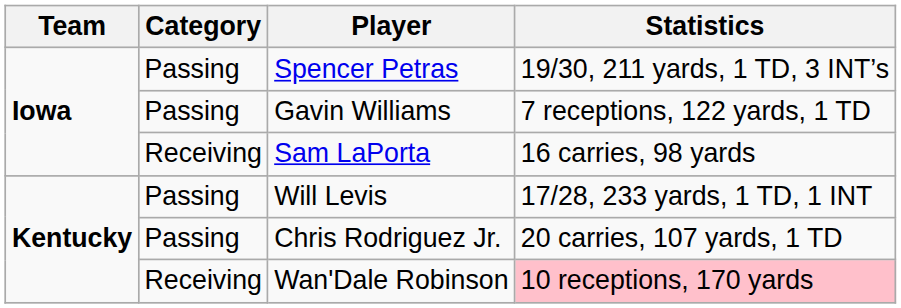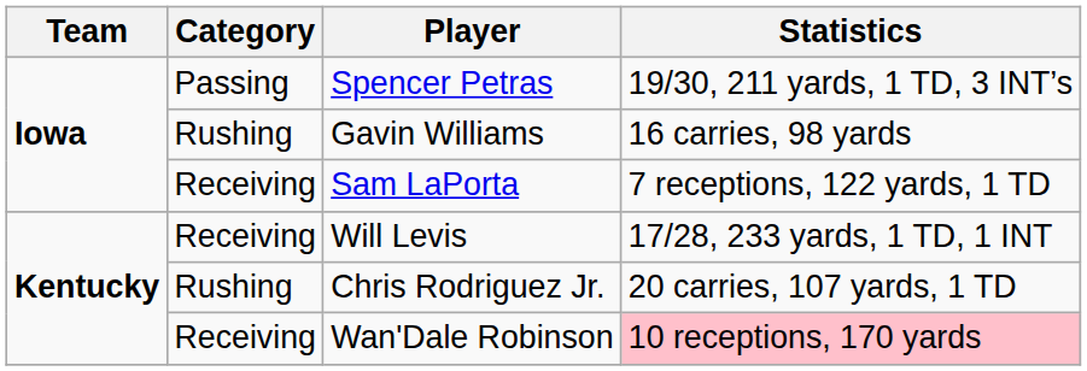 <table class="wikitable" style="float: right;">
 <tr>
 <th>Team</th>
 <th>Category</th>
 <th>Player</th>
 <th>Statistics</th>
 </tr>
 <tr>
 <td rowspan=3><strong>Iowa</strong></td>
 <td>Passing</td>
 <td><a href='#'>Spencer Petras</a></td>
 <td>19/30, 211 yards, 1 TD, 3 INT’s</td>
 </tr>
 <tr>
-<td>Passing</td>
+<td>Rushing</td>
 <td>Gavin Williams</td>
-<td>7 receptions, 122 yards, 1 TD</td>
+<td>16 carries, 98 yards</td>
 </tr>
 <tr>
 <td>Receiving</td>
 <td><a href='#'>Sam LaPorta</a></td>
-<td>16 carries, 98 yards</td>
+<td>7 receptions, 122 yards, 1 TD</td>
 </tr>
 <tr>
 <td rowspan=3><strong>Kentucky</strong></td>
-<td>Passing</td>
+<td>Receiving</td>
 <td>Will Levis</td>
 <td>17/28, 233 yards, 1 TD, 1 INT</td>
 </tr>
 <tr>
-<td>Passing</td>
+<td>Rushing</td>
 <td>Chris Rodriguez Jr.</td>
 <td>20 carries, 107 yards, 1 TD</td>
 </tr>
 <tr>
 <td>Receiving</td>
 <td>Wan'Dale Robinson</td>
 <td style="background: pink;">10 receptions, 170 yards</td>
 </tr>
 </table>
